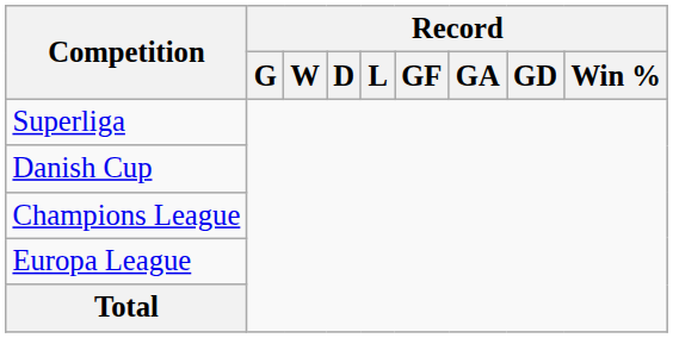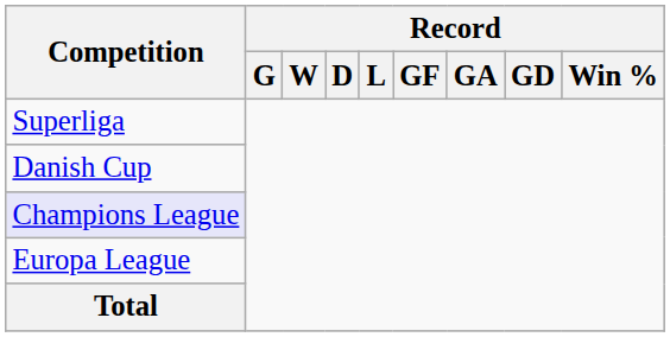 <table class="wikitable" style="text-align: center">
 <tr>
 <th rowspan="2">Competition</th>
 <th colspan="9">Record</th>
 </tr>
 <tr>
 <th>G</th>
 <th>W</th>
 <th>D</th>
 <th>L</th>
 <th>GF</th>
 <th>GA</th>
 <th>GD</th>
 <th>Win %</th>
 </tr>
 <tr>
 <td style="text-align: left"><a href='#'>Superliga</a><br></td>
 </tr>
 <tr>
 <td style="text-align: left"><a href='#'>Danish Cup</a><br></td>
 </tr>
 <tr>
-<td style="text-align: left"><a href='#'>Champions League</a><br></td>
+<td style="background: lavender; text-align: left"><a href='#'>Champions League</a><br></td>
 </tr>
 <tr>
 <td style="text-align: left"><a href='#'>Europa League</a><br></td>
 </tr>
 <tr>
 <th>Total<br></th>
 </tr>
 </table>
